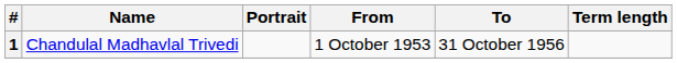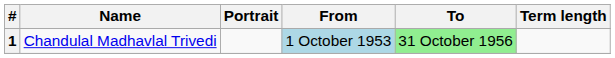 <table class="wikitable sortable">
 <tr>
 <th>#</th>
 <th>Name</th>
 <th>Portrait</th>
 <th>From</th>
 <th>To</th>
 <th>Term length</th>
 </tr>
 <tr>
 </tr>
 <tr>
 <th>1</th>
 <td><a href='#'>Chandulal Madhavlal Trivedi</a></td>
 <td></td>
-<td>1 October 1953</td>
-<td>31 October 1956</td>
+<td style="background: lightblue;">1 October 1953</td>
+<td style="background: lightgreen;">31 October 1956</td>
 <td></td>
 </tr>
 <tr |>
 </tr>
 </table>
